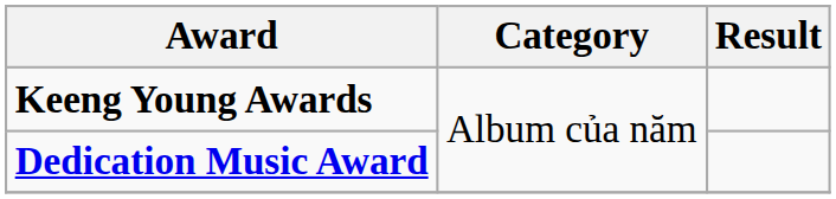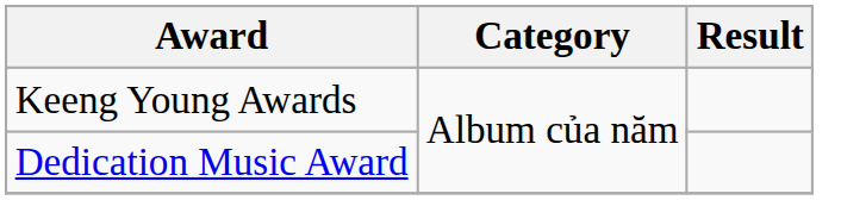 <table class="wikitable">
 <tr>
 <th>Award</th>
 <th>Category</th>
 <th>Result</th>
 </tr>
 <tr>
-<td><strong>Keeng Young Awards</strong></td>
+<td>Keeng Young Awards</td>
 <td rowspan="2">Album của năm</td>
 <td></td>
 </tr>
 <tr>
-<td><strong><a href='#'>Dedication Music Award</a></strong></td>
+<td><a href='#'>Dedication Music Award</a></td>
 <td></td>
 </tr>
 <tr>
 </tr>
 </table>
